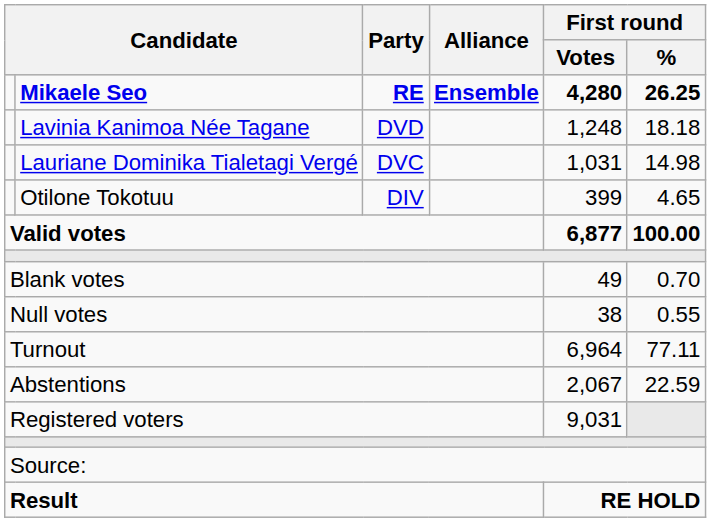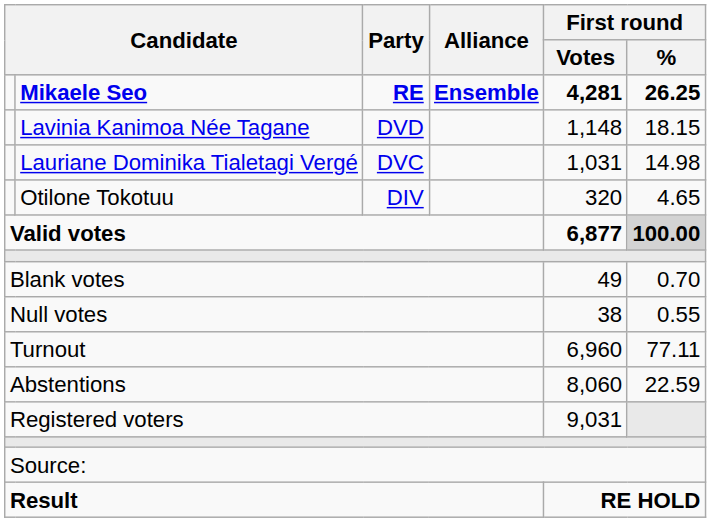 <table class="wikitable" style="text-align:right;font-size:95%;">
 <tr>
 <th colspan="2" rowspan="2">Candidate</th>
 <th colspan="1" rowspan="2">Party</th>
 <th colspan="1" rowspan="2">Alliance</th>
 <th colspan="2">First round</th>
 </tr>
 <tr>
 <th style="width:50px;">Votes</th>
 <th style="width:45px;">%</th>
 </tr>
 <tr>
 <td style="color:inherit;background:"></td>
 <td style="text-align:left;"><strong><a href='#'>Mikaele Seo</a></strong></td>
 <td><a href='#'><strong>RE</strong></a></td>
 <td><a href='#'><strong>Ensemble</strong></a></td>
-<td><strong>4,280</strong></td>
+<td><strong>4,281</strong></td>
 <td><strong>26.25</strong></td>
 </tr>
 <tr>
 <td style="color:inherit;background:"></td>
 <td style="text-align:left;"><a href='#'>Lavinia Kanimoa Née Tagane</a></td>
 <td><a href='#'>DVD</a></td>
 <td></td>
-<td>1,248</td>
-<td>18.18</td>
+<td>1,148</td>
+<td>18.15</td>
 </tr>
 <tr>
 <td style="color:inherit;background:"></td>
 <td style="text-align:left;"><a href='#'>Lauriane Dominika Tialetagi Vergé</a></td>
 <td><a href='#'>DVC</a></td>
 <td></td>
 <td>1,031</td>
 <td>14.98</td>
 </tr>
 <tr>
 <td style="color:inherit;background:"></td>
 <td style="text-align:left;">Otilone Tokotuu</td>
 <td><a href='#'>DIV</a></td>
 <td></td>
-<td>399</td>
+<td>320</td>
 <td>4.65</td>
 </tr>
 <tr style="font-weight:bold;">
 <td colspan="4" style="text-align:left;">Valid votes</td>
 <td>6,877</td>
-<td>100.00</td>
+<td style="background: lightgrey;">100.00</td>
 </tr>
 <tr>
 <td colspan="6" style="background:#E9E9E9;"></td>
 </tr>
 <tr>
 <td colspan="4" style="text-align:left;">Blank votes</td>
 <td>49</td>
 <td>0.70</td>
 </tr>
 <tr>
 <td colspan="4" style="text-align:left;">Null votes</td>
 <td>38</td>
 <td>0.55</td>
 </tr>
 <tr>
 <td colspan="4" style="text-align:left;">Turnout</td>
-<td>6,964</td>
+<td>6,960</td>
 <td>77.11</td>
 </tr>
 <tr>
 <td colspan="4" style="text-align:left;">Abstentions</td>
-<td>2,067</td>
+<td>8,060</td>
 <td>22.59</td>
 </tr>
 <tr>
 <td colspan="4" style="text-align:left;">Registered voters</td>
 <td>9,031</td>
 <td style="color:inherit;background:#E9E9E9;"></td>
 </tr>
 <tr>
 <td colspan="6" style="background:#E9E9E9;"></td>
 </tr>
 <tr>
 <td colspan="6" style="text-align:left;">Source: </td>
 </tr>
 <tr style="font-weight:bold">
 <td colspan="4" style="text-align:left;">Result</td>
 <td colspan="4" style="background-color:"><strong>RE HOLD</strong></td>
 </tr>
 </table>
